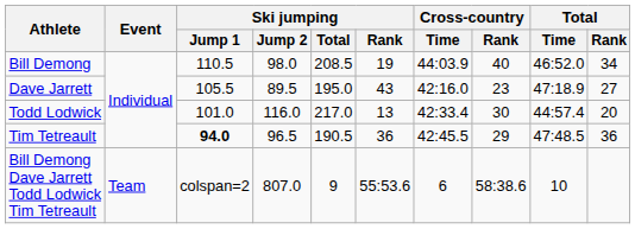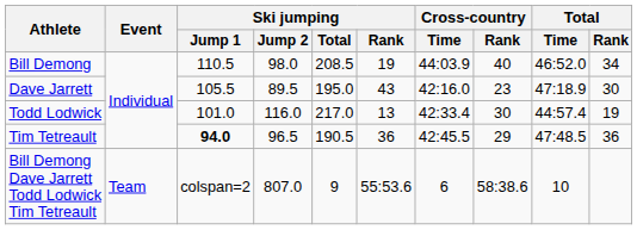 <table class=wikitable style=font-size:90%;text-align:center>
 <tr>
 <th rowspan=2>Athlete</th>
 <th rowspan=2>Event</th>
 <th colspan=4>Ski jumping</th>
 <th colspan=2>Cross-country</th>
 <th colspan=2>Total</th>
 </tr>
 <tr style=font-size:95%>
 <th>Jump 1</th>
 <th>Jump 2</th>
 <th>Total</th>
 <th>Rank</th>
 <th>Time</th>
 <th>Rank</th>
 <th>Time</th>
 <th>Rank</th>
 </tr>
 <tr>
 <td align=left><a href='#'>Bill Demong</a></td>
 <td align=left rowspan=4><a href='#'>Individual</a></td>
 <td>110.5</td>
 <td>98.0</td>
 <td>208.5</td>
 <td>19</td>
 <td>44:03.9</td>
 <td>40</td>
 <td>46:52.0</td>
 <td>34</td>
 </tr>
 <tr>
 <td align=left><a href='#'>Dave Jarrett</a></td>
 <td>105.5</td>
 <td>89.5</td>
 <td>195.0</td>
 <td>43</td>
 <td>42:16.0</td>
 <td>23</td>
 <td>47:18.9</td>
-<td>27</td>
+<td>30</td>
 </tr>
 <tr>
 <td align=left><a href='#'>Todd Lodwick</a></td>
 <td>101.0</td>
 <td>116.0</td>
 <td>217.0</td>
 <td>13</td>
 <td>42:33.4</td>
 <td>30</td>
 <td>44:57.4</td>
-<td>20</td>
+<td>19</td>
 </tr>
 <tr>
 <td align=left><a href='#'>Tim Tetreault</a></td>
 <td><strong>94.0</strong></td>
 <td>96.5</td>
 <td>190.5</td>
 <td>36</td>
 <td>42:45.5</td>
 <td>29</td>
 <td>47:48.5</td>
 <td>36</td>
 </tr>
 <tr>
 <td align=left><a href='#'>Bill Demong</a><br><a href='#'>Dave Jarrett</a><br><a href='#'>Todd Lodwick</a><br><a href='#'>Tim Tetreault</a></td>
 <td align=left><a href='#'>Team</a></td>
 <td>colspan=2 </td>
 <td>807.0</td>
 <td>9</td>
 <td>55:53.6</td>
 <td>6</td>
 <td>58:38.6</td>
 <td>10</td>
 </tr>
 </table>
